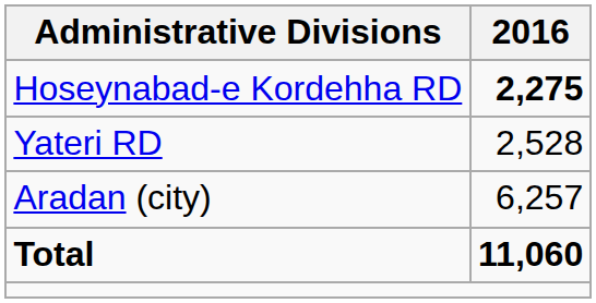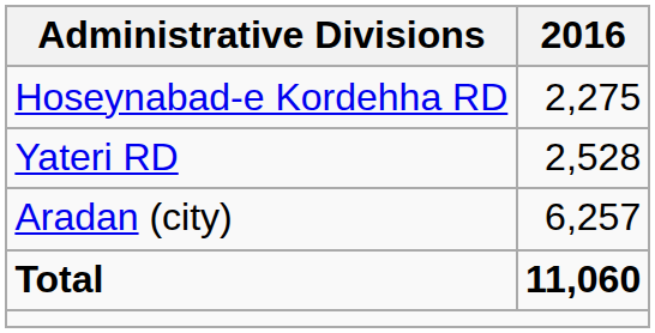 <table class="wikitable">
 <tr>
 <th>Administrative Divisions</th>
 <th>2016</th>
 </tr>
 <tr>
 <td><a href='#'>Hoseynabad-e Kordehha RD</a></td>
-<td style="text-align: right;"><strong>2,275</strong></td>
+<td style="text-align: right;">2,275</td>
 </tr>
 <tr>
 <td><a href='#'>Yateri RD</a></td>
 <td style="text-align: right;">2,528</td>
 </tr>
 <tr>
 <td><a href='#'>Aradan</a> (city)</td>
 <td style="text-align: right;">6,257</td>
 </tr>
 <tr>
 <td><strong>Total</strong></td>
 <td style="text-align: right;"><strong>11,060</strong></td>
 </tr>
 <tr>
 <td colspan=2></td>
 </tr>
 </table>
